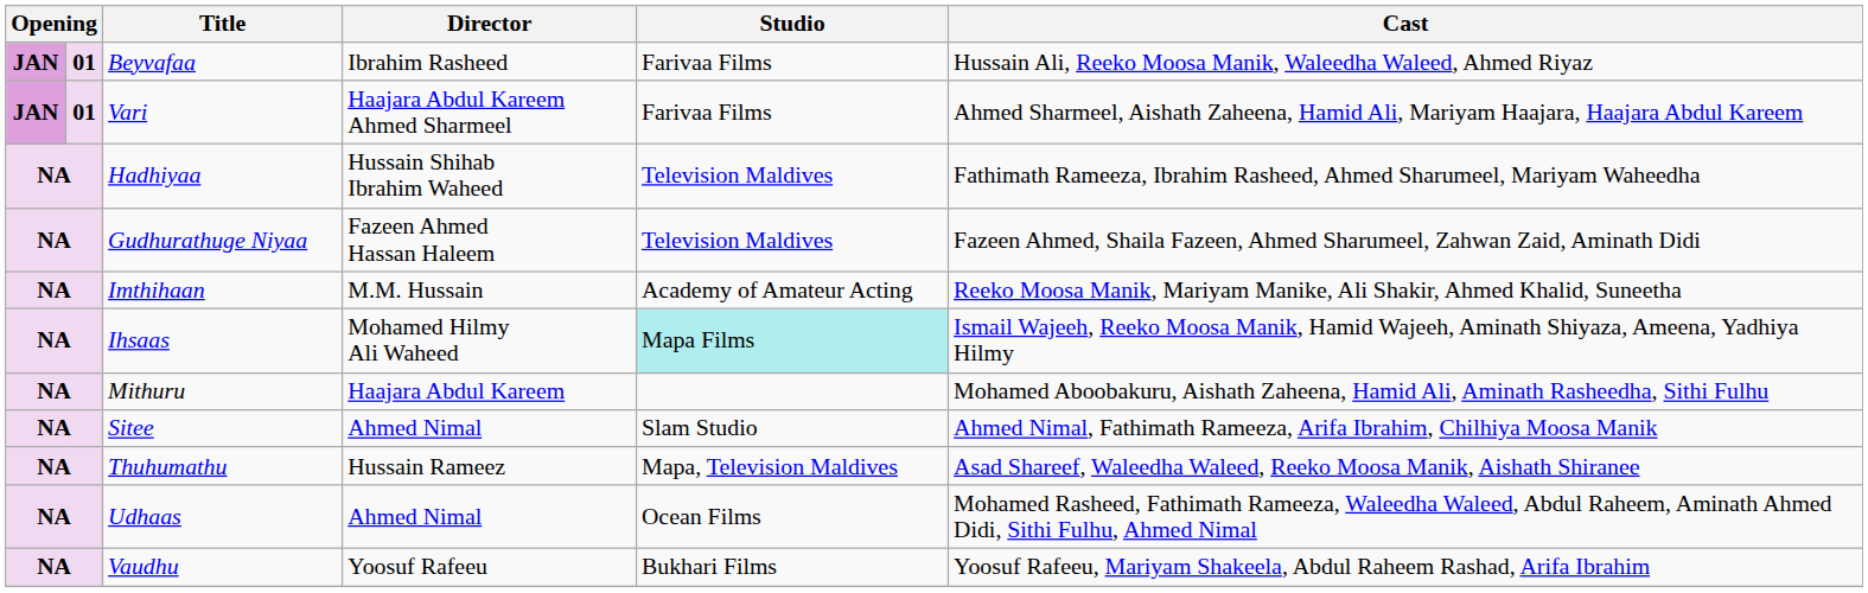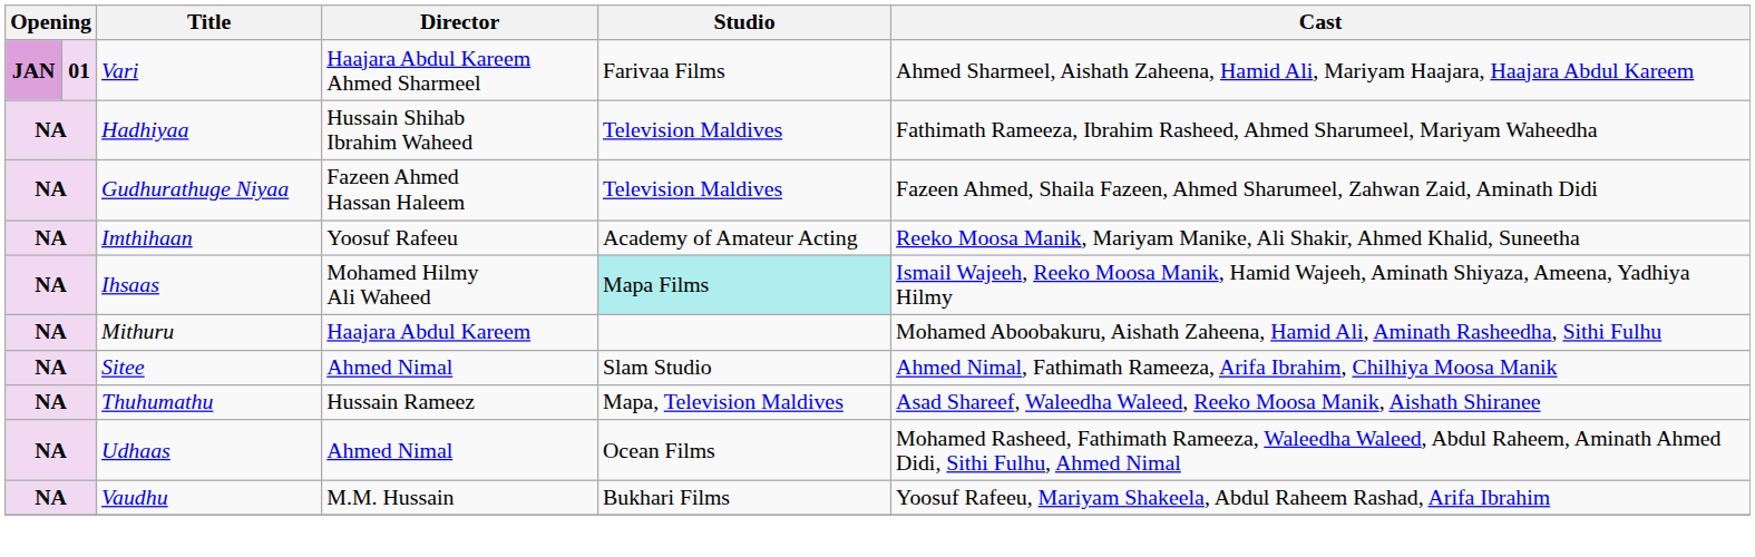 <table class="wikitable plainrowheaders" width="100%">
 <tr>
 <th scope="col" colspan="2" width=4%>Opening</th>
 <th scope="col" width=13%>Title</th>
 <th scope="col" width=16%>Director</th>
 <th scope="col" width=17%>Studio</th>
 <th scope="col" width=50%>Cast</th>
-</tr>
-<tr>
-<td style="text-align:center; background:plum; textcolor:#000;"><strong>JAN</strong></td>
-<td style="text-align:center; background:#f1daf1;"><strong>01</strong></td>
-<td><em><a href='#'>Beyvafaa</a></em></td>
-<td>Ibrahim Rasheed</td>
-<td>Farivaa Films</td>
-<td>Hussain Ali, <a href='#'>Reeko Moosa Manik</a>, <a href='#'>Waleedha Waleed</a>, Ahmed Riyaz</td>
 </tr>
 <tr>
 <td style="text-align:center; background:plum; textcolor:#000;"><strong>JAN</strong></td>
 <td style="text-align:center; background:#f1daf1;"><strong>01</strong></td>
 <td><em><a href='#'>Vari</a></em></td>
 <td><a href='#'>Haajara Abdul Kareem</a><br>Ahmed Sharmeel</td>
 <td>Farivaa Films</td>
 <td>Ahmed Sharmeel, Aishath Zaheena, <a href='#'>Hamid Ali</a>, Mariyam Haajara, <a href='#'>Haajara Abdul Kareem</a></td>
 </tr>
 <tr>
 <td colspan="2" style="text-align:center; background:#f1daf1;"><strong>NA</strong></td>
 <td><em><a href='#'>Hadhiyaa</a></em></td>
 <td>Hussain Shihab<br>Ibrahim Waheed</td>
 <td><a href='#'>Television Maldives</a></td>
 <td>Fathimath Rameeza, Ibrahim Rasheed, Ahmed Sharumeel, Mariyam Waheedha</td>
 </tr>
 <tr>
 <td colspan="2" style="text-align:center; background:#f1daf1;"><strong>NA</strong></td>
 <td><em><a href='#'>Gudhurathuge Niyaa</a></em></td>
 <td>Fazeen Ahmed<br>Hassan Haleem</td>
 <td><a href='#'>Television Maldives</a></td>
 <td>Fazeen Ahmed, Shaila Fazeen, Ahmed Sharumeel, Zahwan Zaid, Aminath Didi</td>
 </tr>
 <tr>
 <td colspan="2" style="text-align:center; background:#f1daf1;"><strong>NA</strong></td>
 <td><em><a href='#'>Imthihaan</a></em></td>
-<td>M.M. Hussain</td>
+<td>Yoosuf Rafeeu</td>
 <td>Academy of Amateur Acting</td>
 <td><a href='#'>Reeko Moosa Manik</a>, Mariyam Manike, Ali Shakir, Ahmed Khalid, Suneetha</td>
 </tr>
 <tr>
 <td colspan="2" style="text-align:center; background:#f1daf1;"><strong>NA</strong></td>
 <td><em><a href='#'>Ihsaas</a></em></td>
 <td>Mohamed Hilmy<br>Ali Waheed</td>
 <td style="background: paleturquoise;">Mapa Films</td>
 <td><a href='#'>Ismail Wajeeh</a>, <a href='#'>Reeko Moosa Manik</a>, Hamid Wajeeh, Aminath Shiyaza, Ameena, Yadhiya Hilmy</td>
 </tr>
 <tr>
 <td colspan="2" style="text-align:center; background:#f1daf1;"><strong>NA</strong></td>
 <td><em>Mithuru</em></td>
 <td><a href='#'>Haajara Abdul Kareem</a></td>
 <td></td>
 <td>Mohamed Aboobakuru, Aishath Zaheena, <a href='#'>Hamid Ali</a>, <a href='#'>Aminath Rasheedha</a>, <a href='#'>Sithi Fulhu</a></td>
 </tr>
 <tr>
 <td colspan="2" style="text-align:center; background:#f1daf1;"><strong>NA</strong></td>
 <td><em><a href='#'>Sitee</a></em></td>
 <td><a href='#'>Ahmed Nimal</a></td>
 <td>Slam Studio</td>
 <td><a href='#'>Ahmed Nimal</a>, Fathimath Rameeza, <a href='#'>Arifa Ibrahim</a>, <a href='#'>Chilhiya Moosa Manik</a></td>
 </tr>
 <tr>
 <td style="text-align:center; background:#f1daf1;" colspan="2"><strong>NA</strong></td>
 <td><em><a href='#'>Thuhumathu</a></em></td>
 <td>Hussain Rameez</td>
 <td>Mapa, <a href='#'>Television Maldives</a></td>
 <td><a href='#'>Asad Shareef</a>, <a href='#'>Waleedha Waleed</a>, <a href='#'>Reeko Moosa Manik</a>, <a href='#'>Aishath Shiranee</a></td>
 </tr>
 <tr>
 <td colspan="2" style="text-align:center; background:#f1daf1;"><strong>NA</strong></td>
 <td><em><a href='#'>Udhaas</a></em></td>
 <td><a href='#'>Ahmed Nimal</a></td>
 <td>Ocean Films</td>
 <td>Mohamed Rasheed, Fathimath Rameeza, <a href='#'>Waleedha Waleed</a>, Abdul Raheem, Aminath Ahmed Didi, <a href='#'>Sithi Fulhu</a>, <a href='#'>Ahmed Nimal</a></td>
 </tr>
 <tr>
 <td style="text-align:center; background:#f1daf1;" colspan="2"><strong>NA</strong></td>
 <td><em><a href='#'>Vaudhu</a></em></td>
-<td>Yoosuf Rafeeu</td>
+<td>M.M. Hussain</td>
 <td>Bukhari Films</td>
 <td>Yoosuf Rafeeu, <a href='#'>Mariyam Shakeela</a>, Abdul Raheem Rashad, <a href='#'>Arifa Ibrahim</a></td>
 </tr>
 <tr>
 </tr>
 </table>
